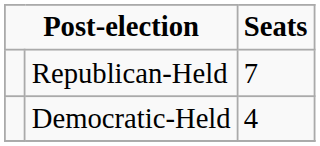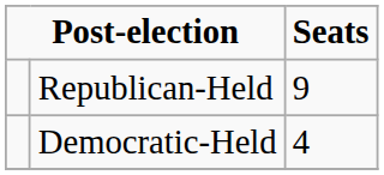 <table class="wikitable">
 <tr>
 <td colspan="2" rowspan="1" align="center" valign="top"><strong>Post-election</strong></td>
 <td style="vertical-align:top;"><strong>Seats</strong></td>
 </tr>
 <tr>
 <td style="background-color:"> </td>
 <td>Republican-Held</td>
-<td>7</td>
+<td>9</td>
 </tr>
 <tr>
 <td style="background-color:"> </td>
 <td>Democratic-Held</td>
 <td>4</td>
 </tr>
 <tr>
 </tr>
 </table>
